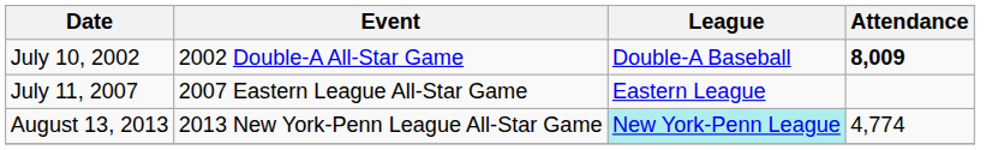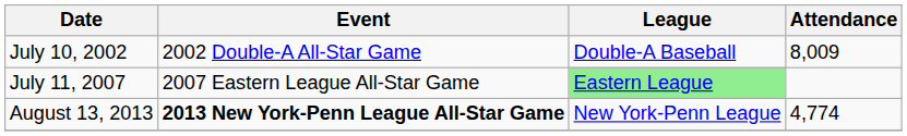 <table class="wikitable">
 <tr>
 <th>Date</th>
 <th>Event</th>
 <th>League</th>
 <th>Attendance</th>
 </tr>
 <tr>
 <td>July 10, 2002</td>
 <td>2002 <a href='#'>Double-A All-Star Game</a></td>
 <td><a href='#'>Double-A Baseball</a></td>
-<td><strong>8,009</strong></td>
+<td>8,009</td>
 </tr>
 <tr>
 <td>July 11, 2007</td>
 <td>2007 Eastern League All-Star Game</td>
-<td><a href='#'>Eastern League</a></td>
+<td style="background: lightgreen;"><a href='#'>Eastern League</a></td>
 <td></td>
 </tr>
 <tr>
 <td>August 13, 2013</td>
-<td>2013 New York-Penn League All-Star Game</td>
-<td style="background: paleturquoise;"><a href='#'>New York-Penn League</a></td>
+<td><strong>2013 New York-Penn League All-Star Game</strong></td>
+<td><a href='#'>New York-Penn League</a></td>
 <td>4,774</td>
 </tr>
 <tr>
 </tr>
 </table>
